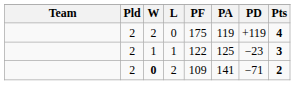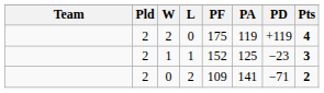 <table class=wikitable>
 <tr align=center>
 </tr>
 <tr>
 <th width=150>Team</th>
 <th width=20>Pld</th>
 <th width=20>W</th>
 <th width=20>L</th>
 <th width=30>PF</th>
 <th width=30>PA</th>
 <th width=30>PD</th>
 <th width=20>Pts</th>
 </tr>
 <tr align=center>
 <td align=left></td>
 <td>2</td>
 <td>2</td>
 <td>0</td>
 <td>175</td>
 <td>119</td>
 <td>+119</td>
 <td><strong>4</strong></td>
 </tr>
 <tr align=center>
 <td align=left></td>
 <td>2</td>
 <td>1</td>
 <td>1</td>
-<td>122</td>
+<td>152</td>
 <td>125</td>
 <td>−23</td>
 <td><strong>3</strong></td>
 </tr>
 <tr align=center>
 <td align=left></td>
 <td>2</td>
-<td><strong>0</strong></td>
+<td>0</td>
 <td>2</td>
 <td>109</td>
 <td>141</td>
 <td>−71</td>
 <td><strong>2</strong></td>
 </tr>
 </table>
